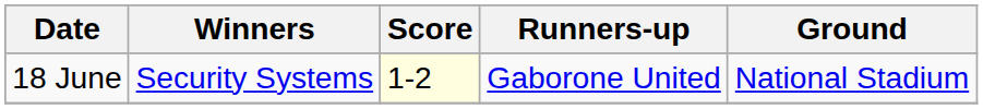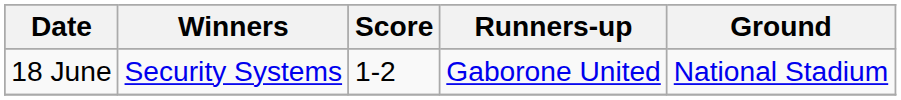 <table class="wikitable">
 <tr>
 <th>Date</th>
 <th>Winners</th>
 <th>Score</th>
 <th>Runners-up</th>
 <th>Ground</th>
 </tr>
 <tr>
 <td>18 June</td>
 <td><a href='#'>Security Systems</a></td>
-<td style="background: lightyellow;">1-2</td>
+<td>1-2</td>
 <td><a href='#'>Gaborone United</a></td>
 <td><a href='#'>National Stadium</a></td>
 </tr>
 <tr>
 </tr>
 </table>
